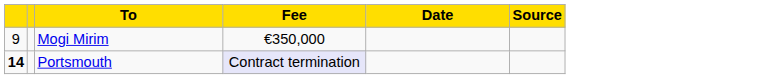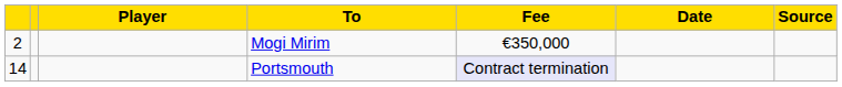 <table class="wikitable sortable">
 <tr>
 <th style="background:#FFDE00"></th>
 <th style="background:#FFDE00"></th>
+<th width=200 style="background:#FFDE00">Player</th>
 <th width=200 style="background:#FFDE00">To</th>
 <th width=150 style="background:#FFDE00">Fee</th>
 <th width=150 style="background:#FFDE00">Date</th>
 <th style="background:#FFDE00">Source</th>
 </tr>
 <tr>
-<td align=center>9</td>
+<td align=center>2</td>
 <td align=center></td>
+<td></td>
 <td> <a href='#'>Mogi Mirim</a></td>
 <td align=center>€350,000</td>
 <td align=center></td>
 <td align=center></td>
 </tr>
 <tr>
-<td align=center><strong>14</strong></td>
+<td align=center>14</td>
 <td align=center></td>
+<td></td>
 <td> <a href='#'>Portsmouth</a></td>
 <td align=center style="background: lavender;">Contract termination</td>
 <td align=center></td>
 <td align=center></td>
 </tr>
 </table>
